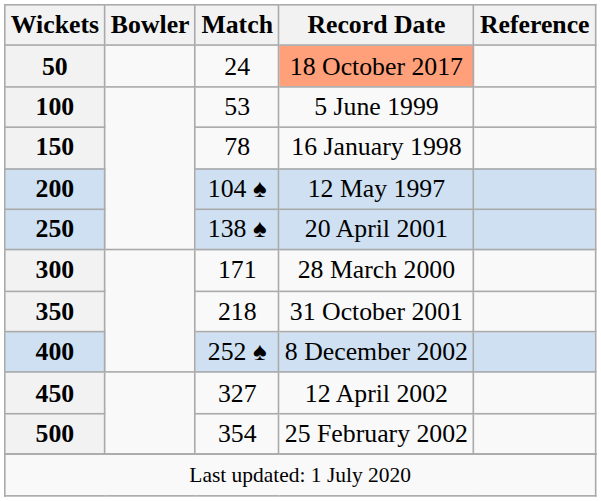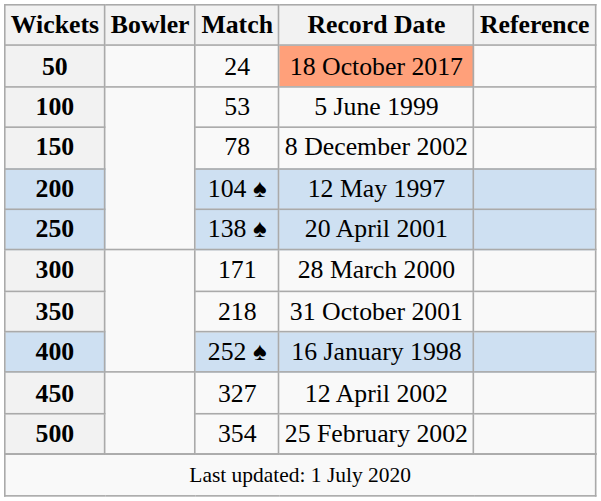 <table class="wikitable plainrowheaders sortable" style="text-align:center;">
 <tr>
 <th scope="col" style="text-align:center;">Wickets</th>
 <th scope="col" style="text-align:center;">Bowler</th>
 <th scope="col" style="text-align:center;">Match</th>
 <th scope="col" style="text-align:center;">Record Date</th>
 <th scope="col" style="text-align:center;">Reference</th>
 </tr>
 <tr>
 <th scope="row" style="text-align:center;">50</th>
 <td></td>
 <td>24</td>
 <td style="background: lightsalmon;">18 October 2017</td>
 <td></td>
 </tr>
 <tr>
 <th scope="row" style="text-align:center;">100</th>
 <td rowspan=4></td>
 <td>53</td>
 <td>5 June 1999 </td>
 <td></td>
 </tr>
 <tr>
 <th scope="row" style="text-align:center;">150</th>
 <td>78</td>
-<td>16 January 1998</td>
+<td>8 December 2002</td>
 <td></td>
 </tr>
 <tr bgcolor=#cee0f2>
 <th scope="row" style="text-align:center; background:#cee0f2;">200</th>
 <td>104 ♠</td>
 <td>12 May 1997</td>
 <td></td>
 </tr>
 <tr bgcolor=#cee0f2>
 <th scope="row" style="text-align:center; background:#cee0f2;">250</th>
 <td>138 ♠</td>
 <td>20 April 2001</td>
 <td></td>
 </tr>
 <tr>
 <th scope="row" style="text-align:center;">300</th>
 <td rowspan=3></td>
 <td>171</td>
 <td>28 March 2000</td>
 <td></td>
 </tr>
 <tr>
 <th scope="row" style="text-align:center;">350</th>
 <td>218</td>
 <td>31 October 2001</td>
 <td></td>
 </tr>
 <tr bgcolor=#cee0f2>
 <th scope="row" style="text-align:center; background:#cee0f2;">400</th>
 <td>252 ♠</td>
-<td>8 December 2002</td>
+<td>16 January 1998</td>
 <td></td>
 </tr>
 <tr>
 <th scope="row" style="text-align:center;">450</th>
 <td rowspan=2></td>
 <td>327</td>
 <td>12 April 2002</td>
 <td></td>
 </tr>
 <tr>
 <th scope="row" style="text-align:center;">500</th>
 <td>354</td>
 <td>25 February 2002 </td>
 <td></td>
 </tr>
 <tr>
 </tr>
 <tr class=sortbottom>
 <td colspan=5><small>Last updated: 1 July 2020</small></td>
 </tr>
 </table>
